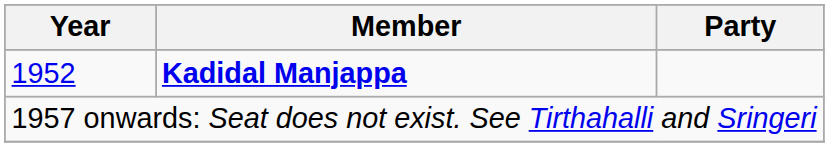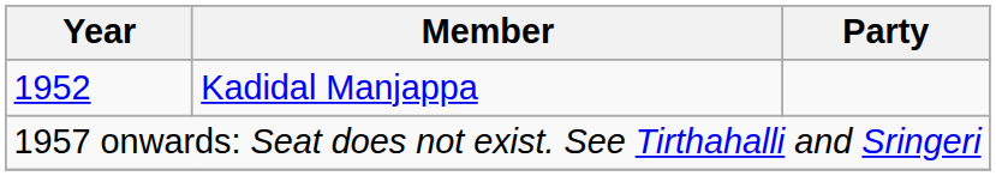 <table class="wikitable sortable">
 <tr>
 <th>Year</th>
 <th>Member</th>
 <th colspan="2">Party</th>
 </tr>
 <tr>
 <td><a href='#'>1952</a></td>
-<td><strong><a href='#'>Kadidal Manjappa</a></strong></td>
+<td><a href='#'>Kadidal Manjappa</a></td>
 <td></td>
 </tr>
 <tr>
 <td colspan="6" align="center">1957 onwards: <em>Seat does not exist. See <a href='#'>Tirthahalli</a> and <a href='#'>Sringeri</a></em></td>
 </tr>
 <tr>
 </tr>
 </table>
